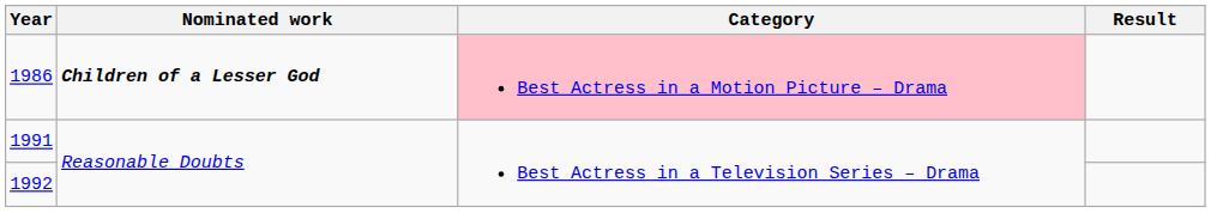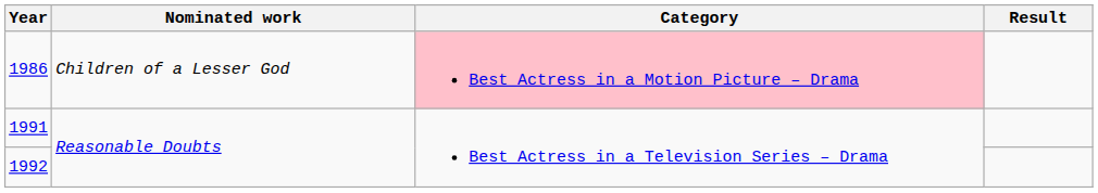 <table class=wikitable>
 <tr>
 <th width=4%>Year</th>
 <th width=33.5%>Nominated work</th>
 <th width=52.5%>Category</th>
 <th width=10%>Result</th>
 </tr>
 <tr>
 <td><a href='#'>1986</a></td>
-<td><strong><em>Children of a Lesser God</em></strong></td>
+<td><em>Children of a Lesser God</em></td>
 <td style="background: pink;"><br><ul><li><a href='#'>Best Actress in a Motion Picture – Drama</a></li></ul></td>
 <td></td>
 </tr>
 <tr>
 <td><a href='#'>1991</a></td>
 <td rowspan=2><em><a href='#'>Reasonable Doubts</a></em></td>
 <td rowspan=2><br><ul><li><a href='#'>Best Actress in a Television Series – Drama</a></li></ul></td>
 <td></td>
 </tr>
 <tr>
 <td><a href='#'>1992</a></td>
 <td></td>
 </tr>
 </table>
